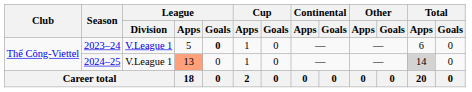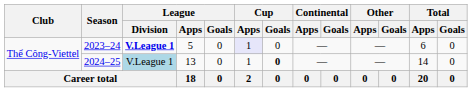 <table class="wikitable" style="text-align:center">
 <tr>
 <th rowspan="2">Club</th>
 <th rowspan="2">Season</th>
 <th colspan="3">League</th>
 <th colspan="2">Cup</th>
 <th colspan="2">Continental</th>
 <th colspan="2">Other</th>
 <th colspan="2">Total</th>
 </tr>
 <tr>
 <th>Division</th>
 <th>Apps</th>
 <th>Goals</th>
 <th>Apps</th>
 <th>Goals</th>
 <th>Apps</th>
 <th>Goals</th>
 <th>Apps</th>
 <th>Goals</th>
 <th>Apps</th>
 <th>Goals</th>
 </tr>
 <tr>
 <td rowspan="2"><a href='#'>Thể Công-Viettel</a></td>
 <td><a href='#'>2023–24</a></td>
-<td><a href='#'>V.League 1</a></td>
+<td><strong><a href='#'>V.League 1</a></strong></td>
 <td>5</td>
-<td><strong>0</strong></td>
-<td>1</td>
+<td>0</td>
+<td style="background: lavender;">1</td>
 <td>0</td>
 <td colspan="2">—</td>
 <td colspan="2">—</td>
 <td>6</td>
 <td>0</td>
 </tr>
 <tr>
 <td><a href='#'>2024–25</a></td>
-<td>V.League 1</td>
-<td style="background: lightsalmon;">13</td>
+<td style="background: lightblue;">V.League 1</td>
+<td>13</td>
 <td>0</td>
 <td>1</td>
-<td>0</td>
+<td><strong>0</strong></td>
 <td colspan="2">—</td>
 <td colspan="2">—</td>
-<td style="background: lightgrey;">14</td>
+<td>14</td>
 <td>0</td>
 </tr>
 <tr>
 <th colspan="3">Career total</th>
 <th>18</th>
 <th>0</th>
 <th>2</th>
 <th>0</th>
 <th>0</th>
 <th>0</th>
 <th>0</th>
 <th>0</th>
 <th>20</th>
 <th>0</th>
 </tr>
 </table>
